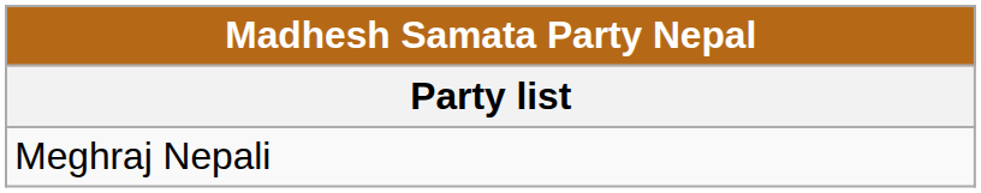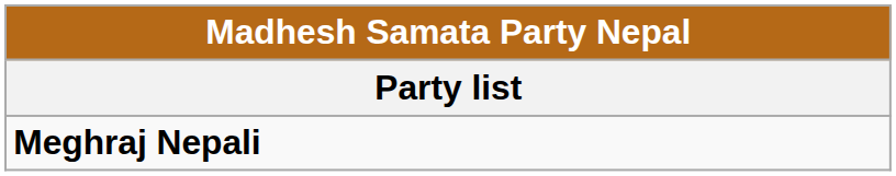 <table class="wikitable mw-collapsible mw-collapsed" role="presentation">
 <tr>
 <th style="width: 300pt; background:#b56917; color: white;">Madhesh Samata Party Nepal</th>
 </tr>
 <tr>
 <th>Party list</th>
 </tr>
 <tr>
-<td>Meghraj Nepali</td>
+<td><strong>Meghraj Nepali</strong></td>
 </tr>
 </table>
